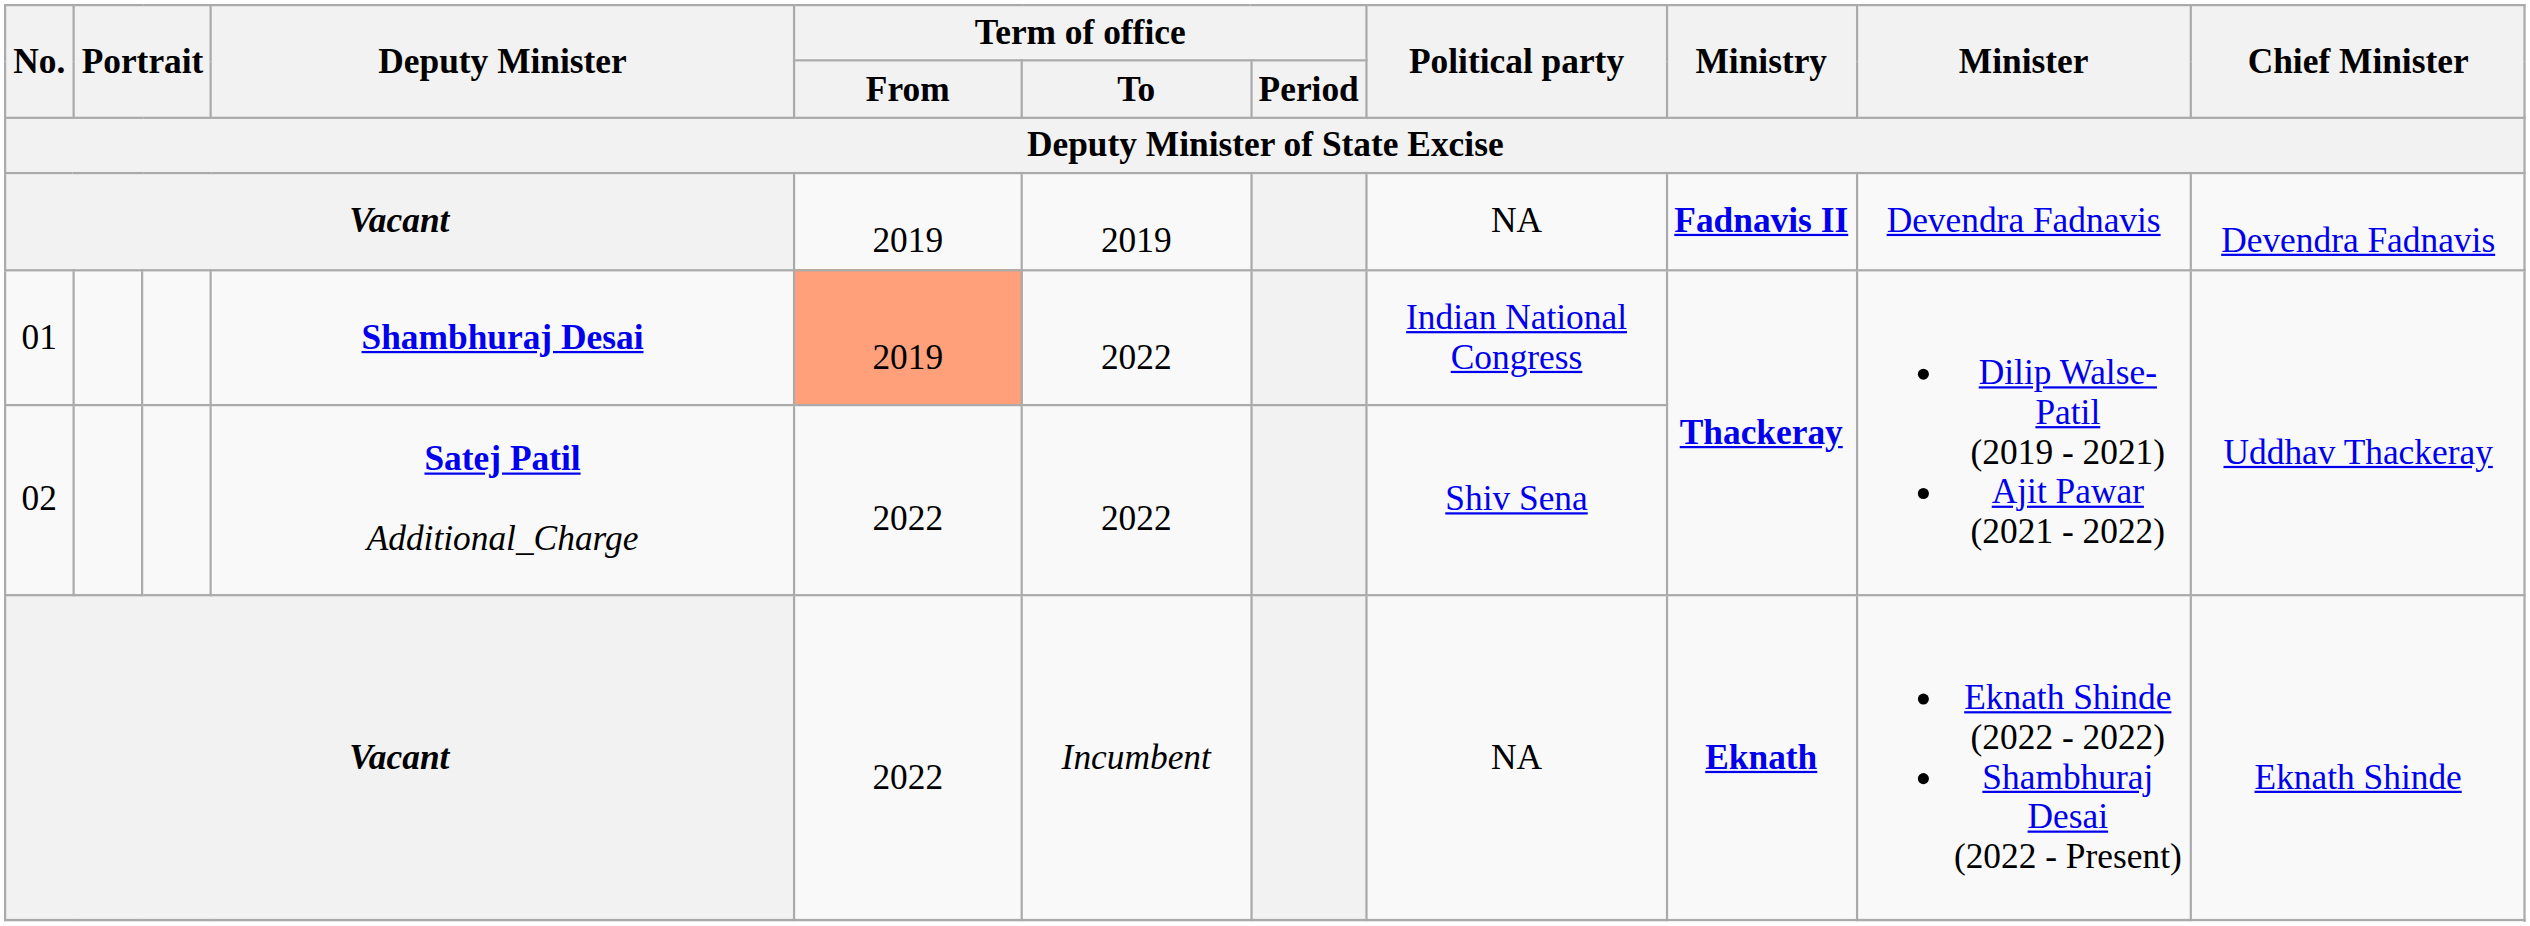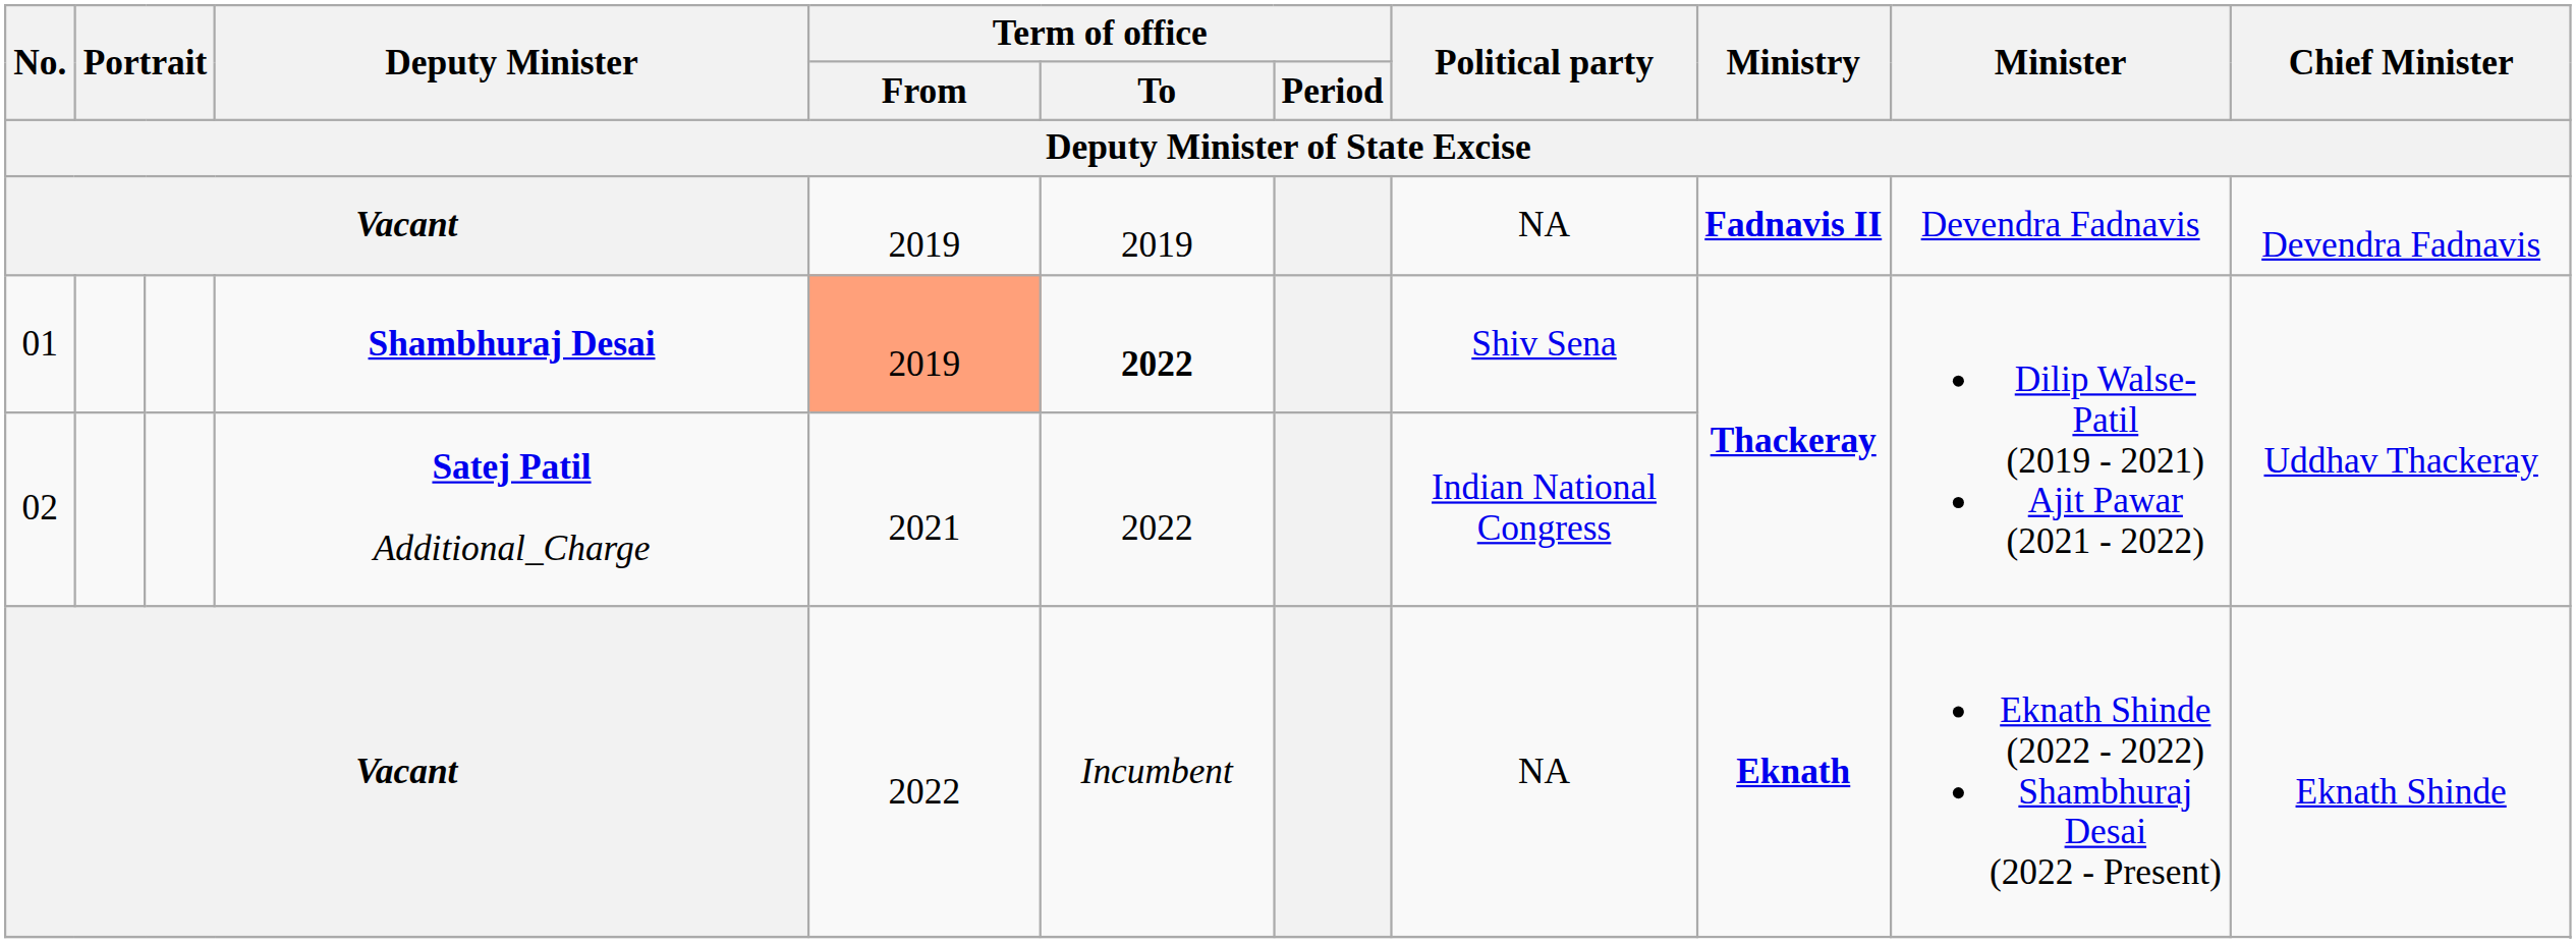 <table class="wikitable" style="text-align:center">
 <tr>
 <th rowspan="2">No.</th>
 <th rowspan="2" colspan="2">Portrait</th>
 <th rowspan="2" style="width:16em">Deputy Minister<br></th>
 <th colspan="3">Term of office</th>
 <th rowspan="2" style="width:8em">Political party</th>
 <th rowspan="2">Ministry</th>
 <th rowspan="2" style="width:9em">Minister</th>
 <th rowspan="2" style="width:9em">Chief Minister</th>
 </tr>
 <tr>
 <th style="width:6em">From</th>
 <th style="width:6em">To</th>
 <th>Period</th>
 </tr>
 <tr>
 <th colspan="11">Deputy Minister of State Excise</th>
 </tr>
 <tr>
 <th colspan="04"><strong><em> Vacant</em></strong></th>
 <td><br>2019</td>
 <td><br>2019</td>
 <th></th>
 <td>NA</td>
 <td rowspan="1"><a href='#'><strong>Fadnavis II</strong></a></td>
 <td><a href='#'>Devendra Fadnavis</a></td>
 <td rowspan="1"> <br><a href='#'>Devendra Fadnavis</a></td>
 </tr>
 <tr>
 <td>01</td>
 <td style="color:inherit;background:"></td>
 <td></td>
 <td><strong><a href='#'>Shambhuraj Desai</a></strong> <br> </td>
 <td style="background: lightsalmon;"><br>2019</td>
-<td><br>2022</td>
+<td><strong><br>2022</strong></td>
 <th></th>
-<td><a href='#'>Indian National Congress</a></td>
+<td><a href='#'>Shiv Sena</a></td>
 <td rowspan="2"><a href='#'><strong>Thackeray</strong></a></td>
 <td rowspan="2"><br><ul><li><a href='#'>Dilip Walse-Patil</a><br>(2019 - 2021)</li><li><a href='#'>Ajit Pawar</a> <br>(2021 - 2022)</li></ul></td>
 <td rowspan="2"> <br><a href='#'>Uddhav Thackeray</a></td>
 </tr>
 <tr>
 <td>02</td>
 <td style="color:inherit;background:"></td>
 <td></td>
 <td><strong><a href='#'>Satej Patil</a></strong> <br> <br><em>Additional_Charge</em></td>
-<td><br>2022</td>
+<td><br>2021</td>
 <td><br>2022</td>
 <th></th>
-<td><a href='#'>Shiv Sena</a></td>
+<td><a href='#'>Indian National Congress</a></td>
 </tr>
 <tr>
 <th colspan="04"><strong><em>Vacant</em></strong></th>
 <td><br>2022</td>
 <td><em>Incumbent</em></td>
 <th></th>
 <td>NA</td>
 <td rowspan="2"><a href='#'><strong>Eknath</strong></a></td>
 <td><br><ul><li><a href='#'>Eknath Shinde</a><br>(2022 - 2022)</li><li><a href='#'>Shambhuraj Desai</a><br> (2022 - Present)</li></ul></td>
 <td rowspan="2"> <br><a href='#'>Eknath Shinde</a></td>
 </tr>
 <tr>
 </tr>
 </table>
